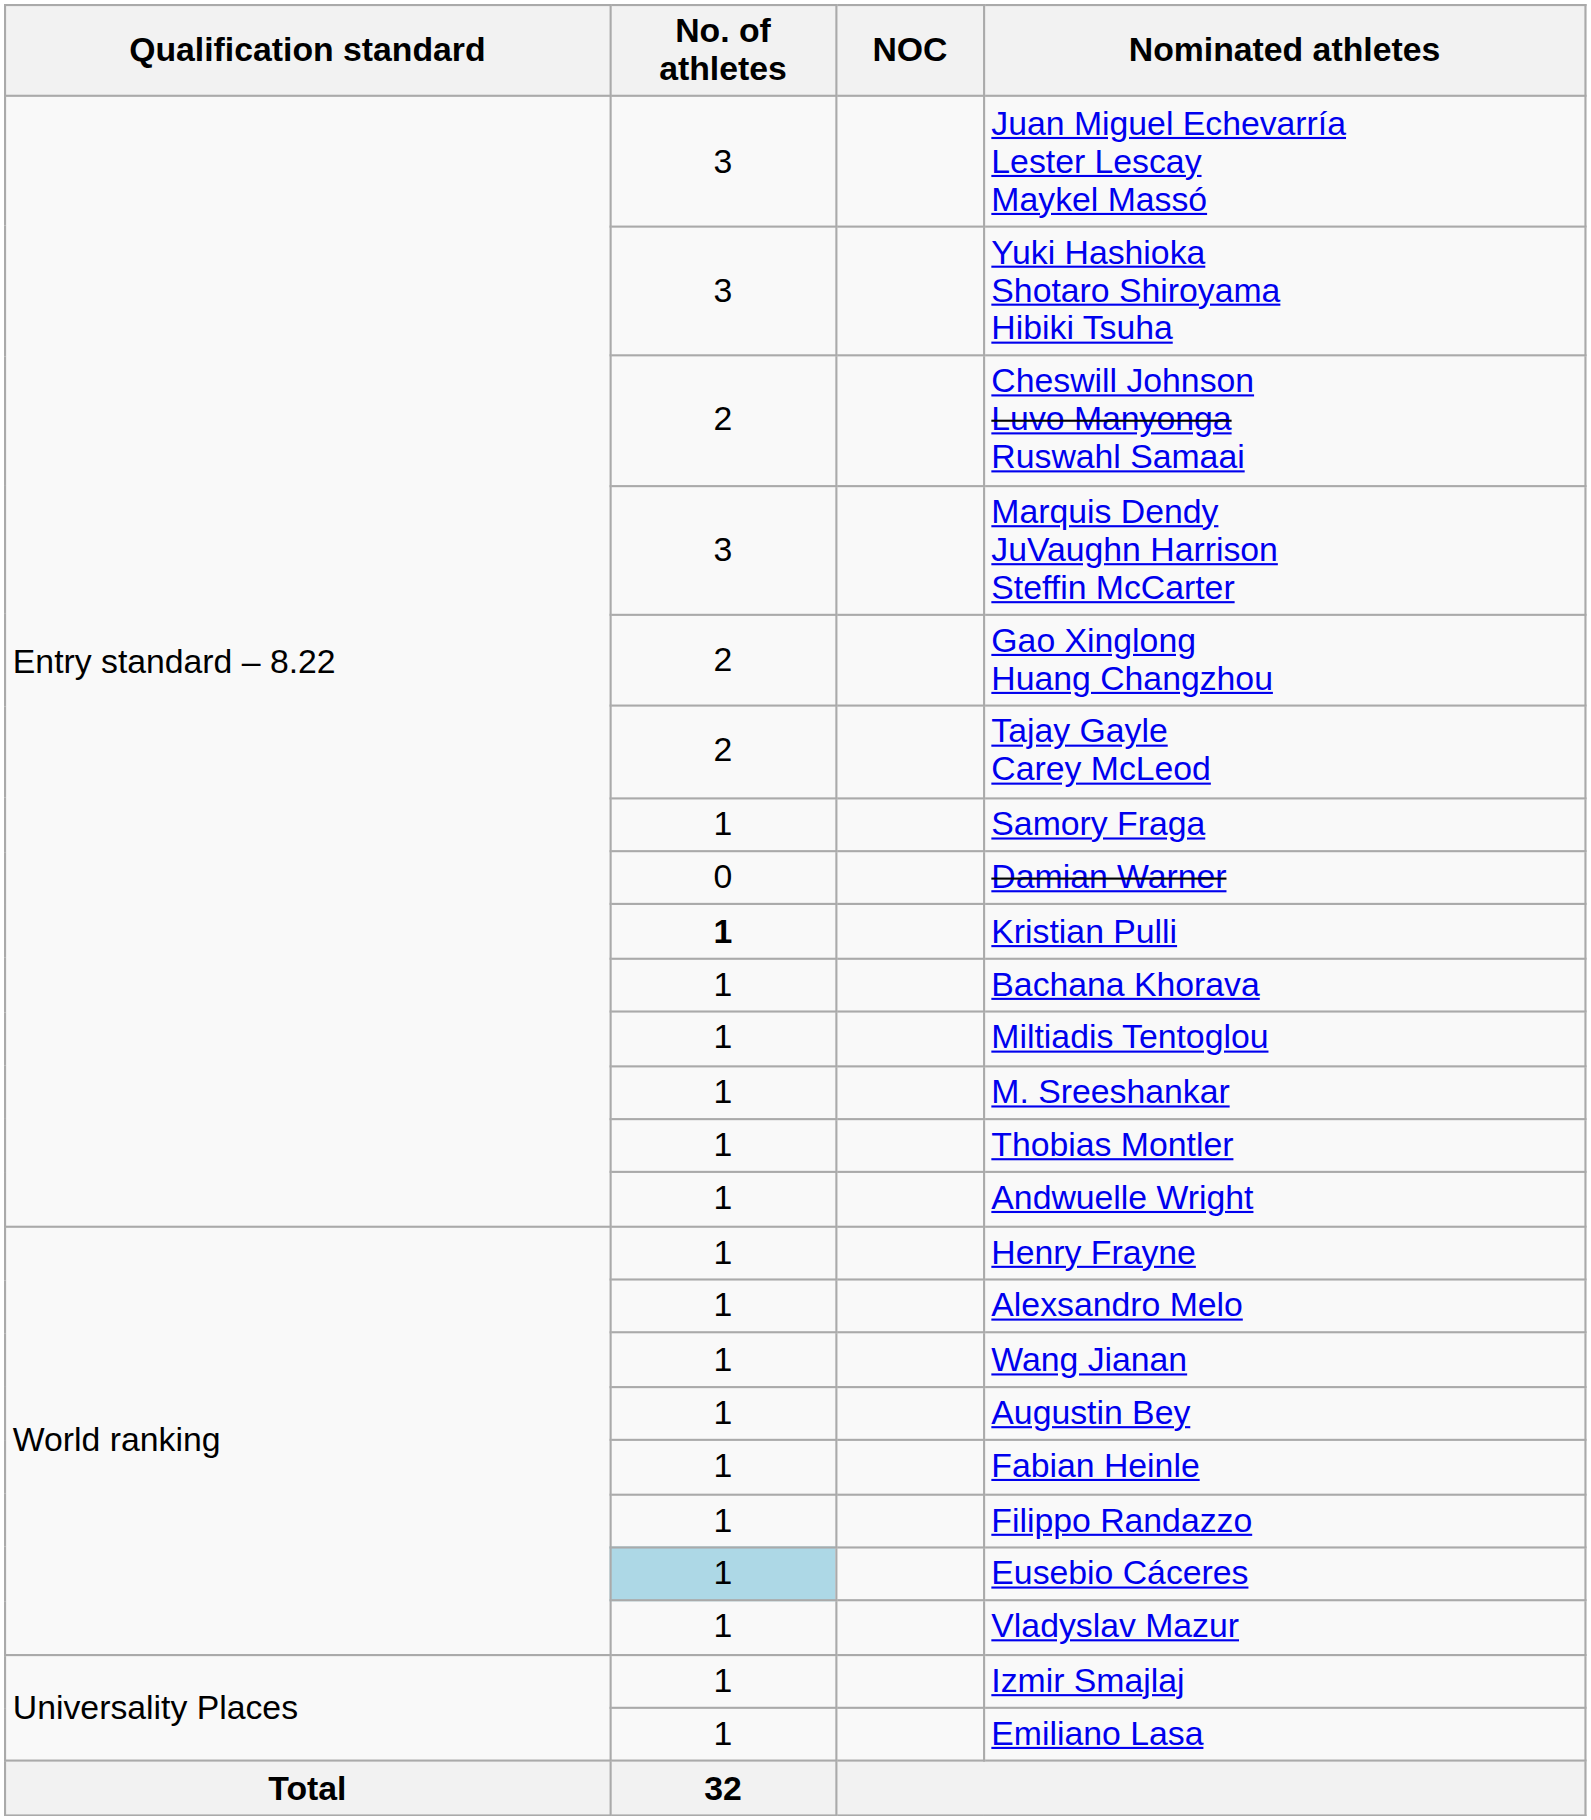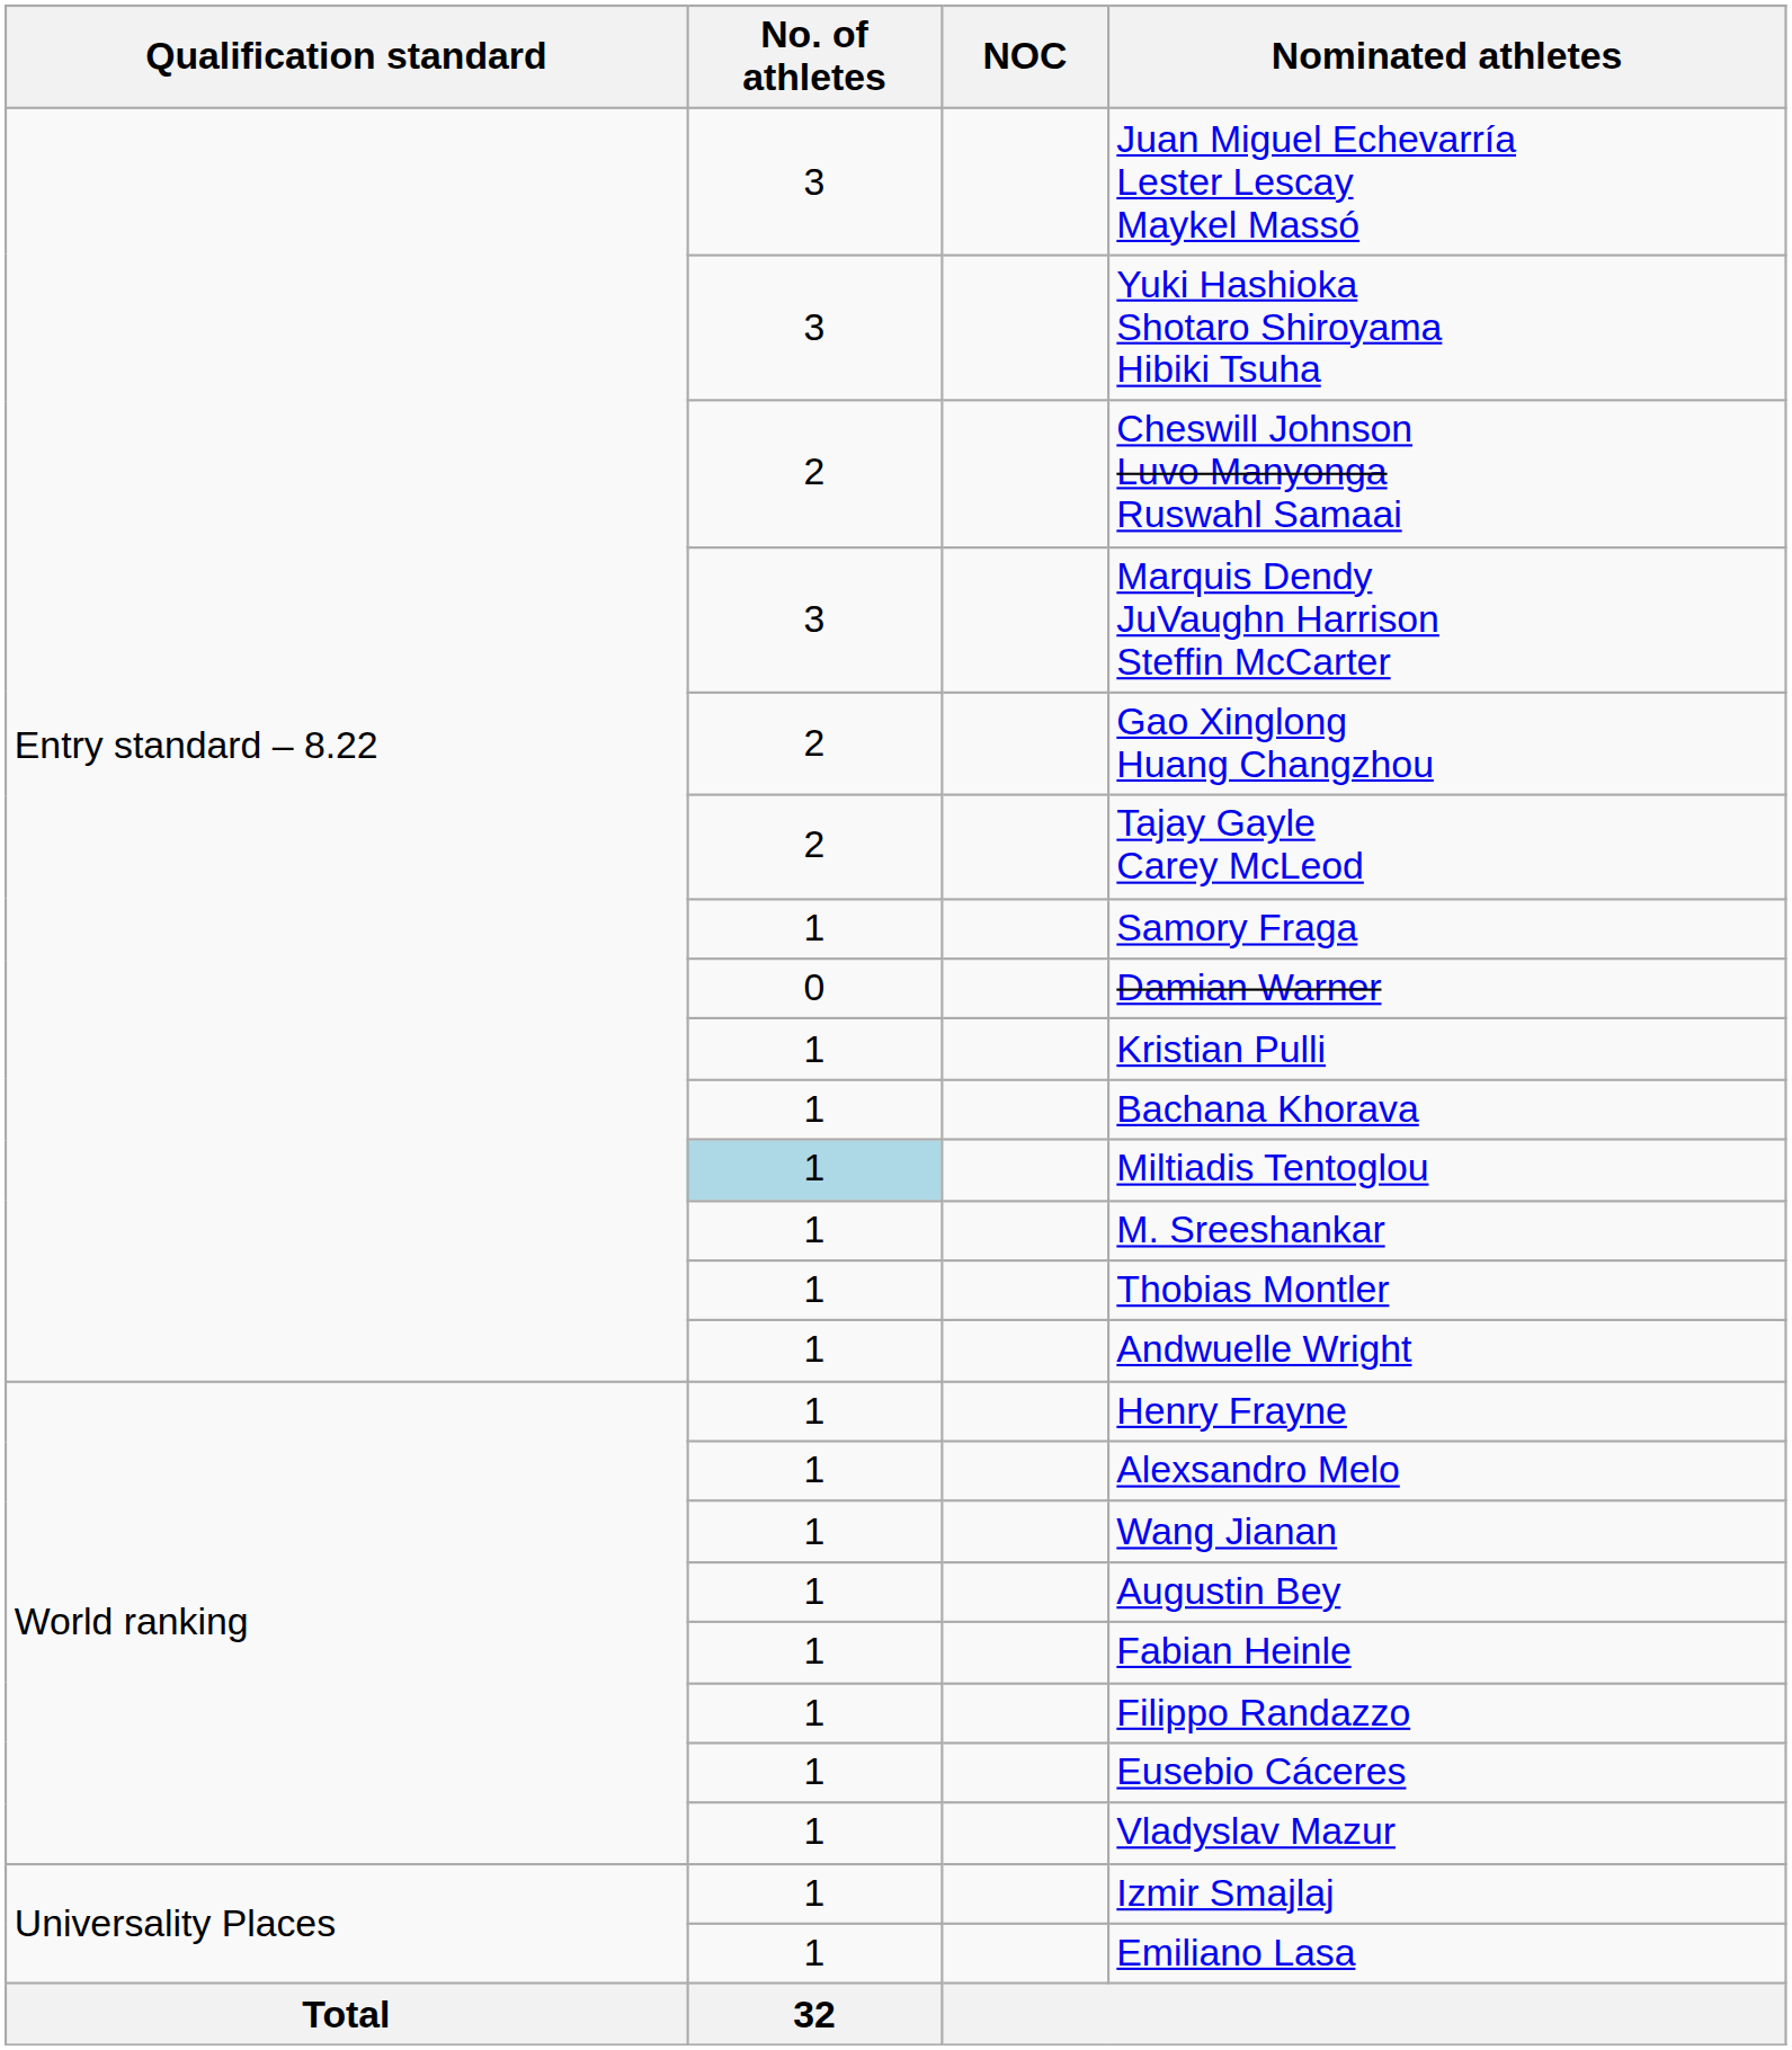 <table class="wikitable" style="text-align:left; width:750px;">
 <tr>
 <th>Qualification standard</th>
 <th width=100>No. of athletes</th>
 <th>NOC</th>
 <th>Nominated athletes</th>
 </tr>
 <tr>
 <td rowspan=14>Entry standard – 8.22</td>
 <td align=center>3</td>
 <td></td>
 <td><a href='#'>Juan Miguel Echevarría</a><br><a href='#'>Lester Lescay</a><br><a href='#'>Maykel Massó</a></td>
 </tr>
 <tr>
 <td align=center>3</td>
 <td></td>
 <td><a href='#'>Yuki Hashioka</a><br><a href='#'>Shotaro Shiroyama</a><br><a href='#'>Hibiki Tsuha</a></td>
 </tr>
 <tr>
 <td align="center">2</td>
 <td></td>
 <td><a href='#'>Cheswill Johnson</a><br><s><a href='#'>Luvo Manyonga</a></s><br><a href='#'>Ruswahl Samaai</a></td>
 </tr>
 <tr>
 <td align="center">3</td>
 <td></td>
 <td><a href='#'>Marquis Dendy</a><br><a href='#'>JuVaughn Harrison</a><br><a href='#'>Steffin McCarter</a></td>
 </tr>
 <tr>
 <td align=center>2</td>
 <td></td>
 <td><a href='#'>Gao Xinglong</a><br><a href='#'>Huang Changzhou</a></td>
 </tr>
 <tr>
 <td align=center>2</td>
 <td></td>
 <td><a href='#'>Tajay Gayle</a><br><a href='#'>Carey McLeod</a></td>
 </tr>
 <tr>
 <td align=center>1</td>
 <td></td>
 <td><a href='#'>Samory Fraga</a></td>
 </tr>
 <tr>
 <td align=center>0</td>
 <td></td>
 <td><s><a href='#'>Damian Warner</a></s></td>
 </tr>
 <tr>
-<td align=center><strong>1</strong></td>
+<td align=center>1</td>
 <td></td>
 <td><a href='#'>Kristian Pulli</a></td>
 </tr>
 <tr>
 <td align=center>1</td>
 <td></td>
 <td><a href='#'>Bachana Khorava</a></td>
 </tr>
 <tr>
-<td align=center>1</td>
+<td align=center style="background: lightblue;">1</td>
 <td></td>
 <td><a href='#'>Miltiadis Tentoglou</a></td>
 </tr>
 <tr>
 <td align=center>1</td>
 <td></td>
 <td><a href='#'>M. Sreeshankar</a></td>
 </tr>
 <tr>
 <td align=center>1</td>
 <td></td>
 <td><a href='#'>Thobias Montler</a></td>
 </tr>
 <tr>
 <td align=center>1</td>
 <td></td>
 <td><a href='#'>Andwuelle Wright</a></td>
 </tr>
 <tr>
 <td rowspan=8>World ranking</td>
 <td align=center>1</td>
 <td></td>
 <td><a href='#'>Henry Frayne</a></td>
 </tr>
 <tr>
 <td align=center>1</td>
 <td></td>
 <td><a href='#'>Alexsandro Melo</a></td>
 </tr>
 <tr>
 <td align=center>1</td>
 <td></td>
 <td><a href='#'>Wang Jianan</a></td>
 </tr>
 <tr>
 <td align=center>1</td>
 <td></td>
 <td><a href='#'>Augustin Bey</a></td>
 </tr>
 <tr>
 <td align=center>1</td>
 <td></td>
 <td><a href='#'>Fabian Heinle</a></td>
 </tr>
 <tr>
 <td align=center>1</td>
 <td></td>
 <td><a href='#'>Filippo Randazzo</a></td>
 </tr>
 <tr>
-<td align=center style="background: lightblue;">1</td>
+<td align=center>1</td>
 <td></td>
 <td><a href='#'>Eusebio Cáceres</a></td>
 </tr>
 <tr>
 <td align=center>1</td>
 <td></td>
 <td><a href='#'>Vladyslav Mazur</a></td>
 </tr>
 <tr>
 <td rowspan=2>Universality Places</td>
 <td align=center>1</td>
 <td></td>
 <td><a href='#'>Izmir Smajlaj</a></td>
 </tr>
 <tr>
 <td align=center>1</td>
 <td></td>
 <td><a href='#'>Emiliano Lasa</a></td>
 </tr>
 <tr>
 <th>Total</th>
 <th>32</th>
 <th colspan=2></th>
 </tr>
 </table>
